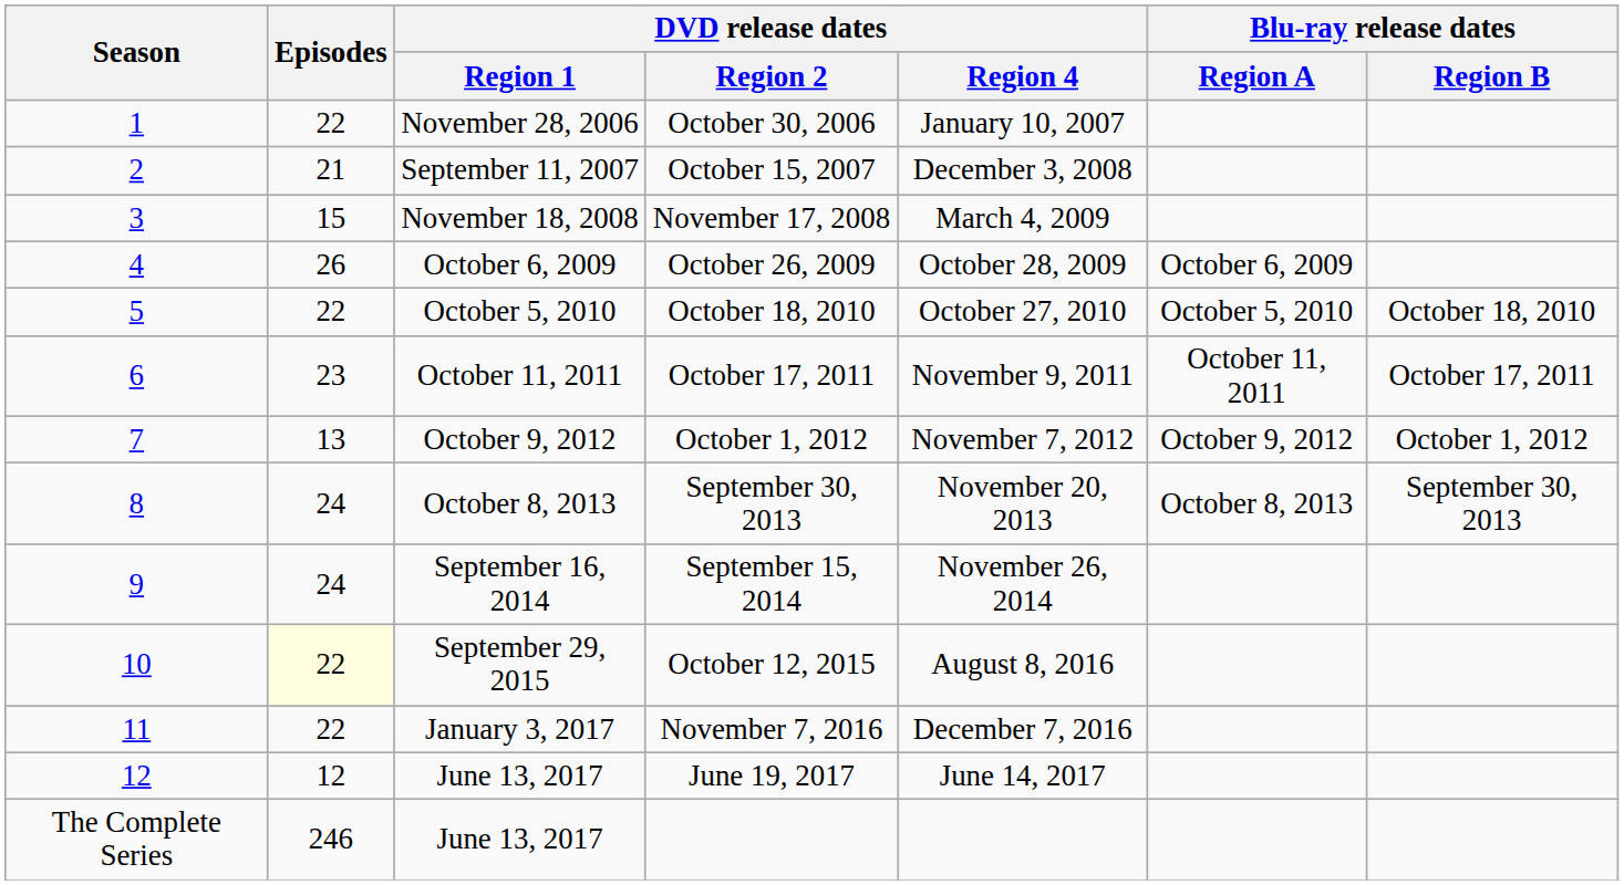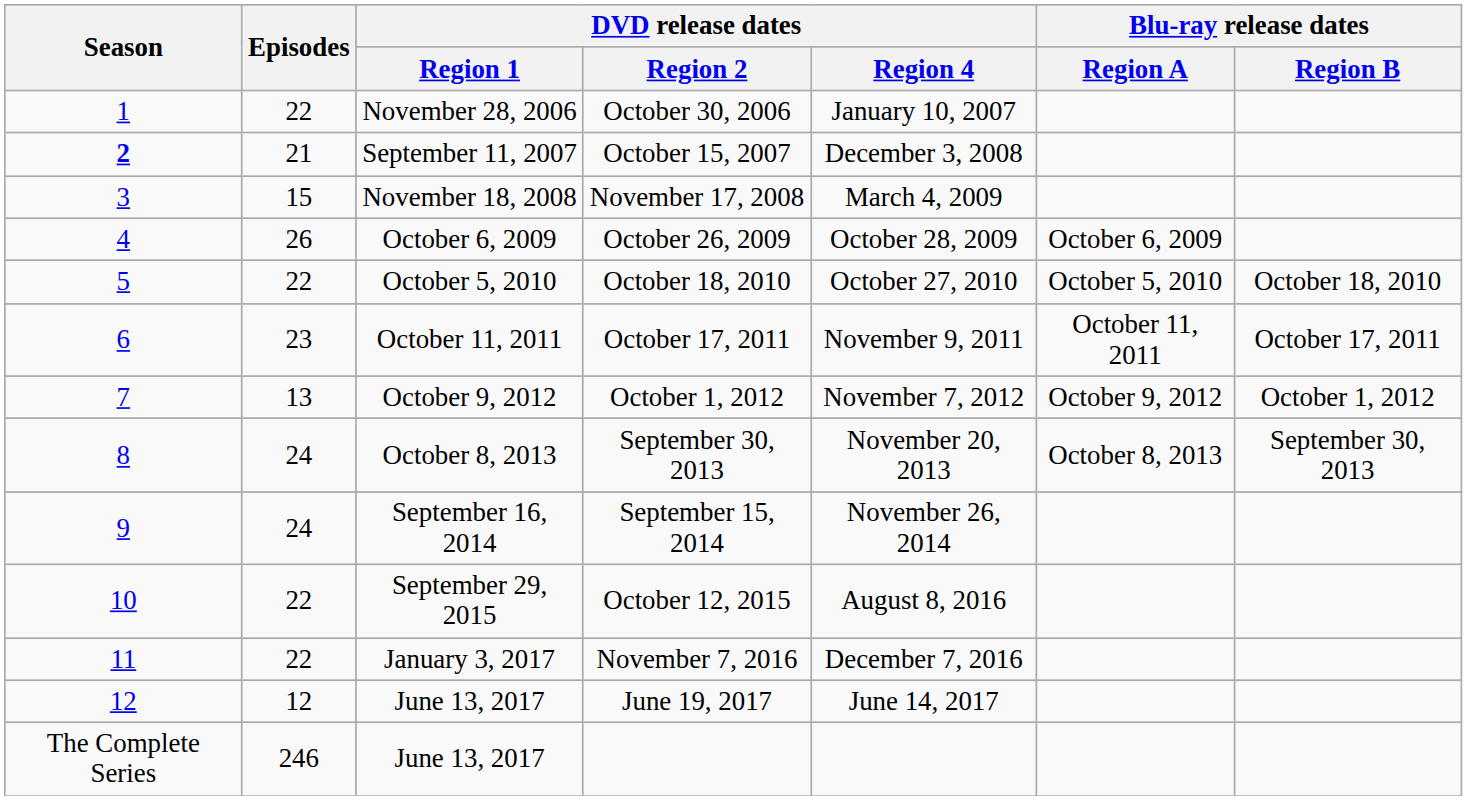 <table class="wikitable plainrowheaders" style="text-align:center;">
 <tr>
 <th scope="col" rowspan="2">Season</th>
 <th scope="col" rowspan="2">Episodes</th>
 <th scope="col" colspan="3"><a href='#'>DVD</a> release dates</th>
 <th scope="col" colspan="2"><a href='#'>Blu-ray</a> release dates</th>
 </tr>
 <tr>
 <th scope="col"><a href='#'>Region 1</a></th>
 <th scope="col"><a href='#'>Region 2</a></th>
 <th scope="col"><a href='#'>Region 4</a></th>
 <th scope="col"><a href='#'>Region A</a></th>
 <th scope="col"><a href='#'>Region B</a></th>
 </tr>
 <tr>
 <td scope="row"><a href='#'>1</a></td>
 <td>22</td>
 <td>November 28, 2006</td>
 <td>October 30, 2006</td>
 <td>January 10, 2007</td>
 <td></td>
 <td></td>
 </tr>
 <tr>
-<td scope="row"><a href='#'>2</a></td>
+<td scope="row"><strong><a href='#'>2</a></strong></td>
 <td>21</td>
 <td>September 11, 2007</td>
 <td>October 15, 2007</td>
 <td>December 3, 2008</td>
 <td></td>
 <td></td>
 </tr>
 <tr>
 <td scope="row"><a href='#'>3</a></td>
 <td>15</td>
 <td>November 18, 2008</td>
 <td>November 17, 2008</td>
 <td>March 4, 2009</td>
 <td></td>
 <td></td>
 </tr>
 <tr>
 <td scope="row"><a href='#'>4</a></td>
 <td>26</td>
 <td>October 6, 2009</td>
 <td>October 26, 2009</td>
 <td>October 28, 2009</td>
 <td>October 6, 2009</td>
 <td></td>
 </tr>
 <tr>
 <td scope="row"><a href='#'>5</a></td>
 <td>22</td>
 <td>October 5, 2010</td>
 <td>October 18, 2010</td>
 <td>October 27, 2010</td>
 <td>October 5, 2010</td>
 <td>October 18, 2010</td>
 </tr>
 <tr>
 <td scope="row"><a href='#'>6</a></td>
 <td>23</td>
 <td>October 11, 2011</td>
 <td>October 17, 2011</td>
 <td>November 9, 2011</td>
 <td>October 11, 2011</td>
 <td>October 17, 2011</td>
 </tr>
 <tr>
 <td scope="row"><a href='#'>7</a></td>
 <td>13</td>
 <td>October 9, 2012</td>
 <td>October 1, 2012</td>
 <td>November 7, 2012</td>
 <td>October 9, 2012</td>
 <td>October 1, 2012</td>
 </tr>
 <tr>
 <td scope="row"><a href='#'>8</a></td>
 <td>24</td>
 <td>October 8, 2013</td>
 <td>September 30, 2013</td>
 <td>November 20, 2013</td>
 <td>October 8, 2013</td>
 <td>September 30, 2013</td>
 </tr>
 <tr>
 <td scope="row"><a href='#'>9</a></td>
 <td>24</td>
 <td>September 16, 2014</td>
 <td>September 15, 2014</td>
 <td>November 26, 2014</td>
 <td></td>
 <td></td>
 </tr>
 <tr>
 <td scope="row"><a href='#'>10</a></td>
-<td style="background: lightyellow;">22</td>
+<td>22</td>
 <td>September 29, 2015</td>
 <td>October 12, 2015</td>
 <td>August 8, 2016</td>
 <td></td>
 <td></td>
 </tr>
 <tr>
 <td scope="row"><a href='#'>11</a></td>
 <td>22</td>
 <td>January 3, 2017</td>
 <td>November 7, 2016</td>
 <td>December 7, 2016</td>
 <td></td>
 <td></td>
 </tr>
 <tr>
 <td scope="row"><a href='#'>12</a></td>
 <td>12</td>
 <td>June 13, 2017</td>
 <td>June 19, 2017</td>
 <td>June 14, 2017</td>
 <td></td>
 <td></td>
 </tr>
 <tr>
 <td>The Complete Series</td>
 <td>246</td>
 <td>June 13, 2017</td>
 <td></td>
 <td></td>
 <td></td>
 <td></td>
 </tr>
 </table>
